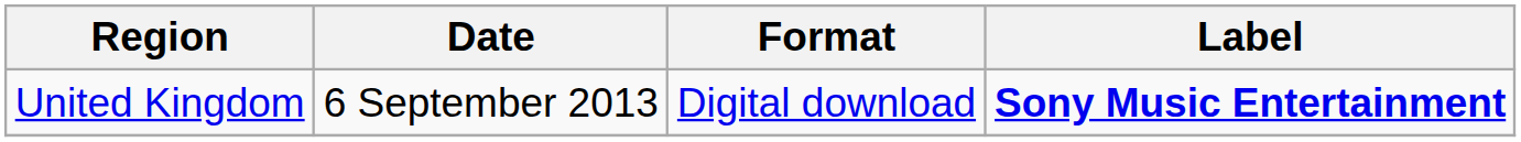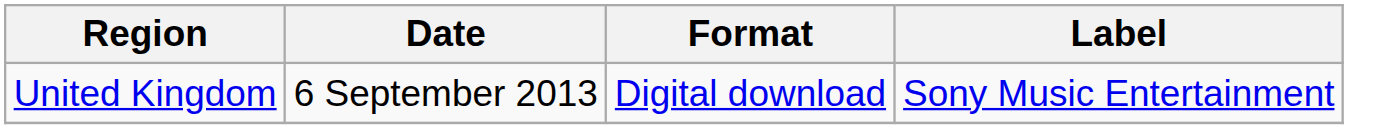 <table class=wikitable>
 <tr>
 <th>Region</th>
 <th>Date</th>
 <th>Format</th>
 <th>Label</th>
 </tr>
 <tr>
 <td><a href='#'>United Kingdom</a></td>
 <td>6 September 2013</td>
 <td><a href='#'>Digital download</a></td>
-<td><strong><a href='#'>Sony Music Entertainment</a></strong></td>
+<td><a href='#'>Sony Music Entertainment</a></td>
 </tr>
 <tr>
 </tr>
 </table>
